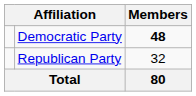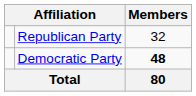 <table class="wikitable">
 <tr>
 <th colspan="2">Affiliation</th>
 <th>Members</th>
 </tr>
 <tr>
 <td style="background-color:"> </td>
-<td><a href='#'>Democratic Party</a></td>
-<td style="text-align:center;"><strong>48</strong></td>
+<td><a href='#'>Republican Party</a></td>
+<td style="text-align:center;">32</td>
 </tr>
 <tr>
 <td style="background-color:"> </td>
-<td><a href='#'>Republican Party</a></td>
-<td style="text-align:center;">32</td>
+<td><a href='#'>Democratic Party</a></td>
+<td style="text-align:center;"><strong>48</strong></td>
 </tr>
 <tr>
 <th colspan="2" style="text-align:center;">Total</th>
 <th style="text-align:center;">80</th>
 </tr>
 </table>
